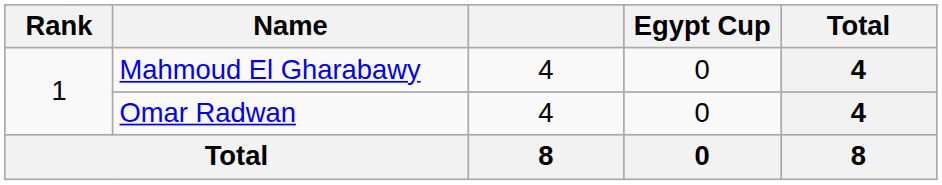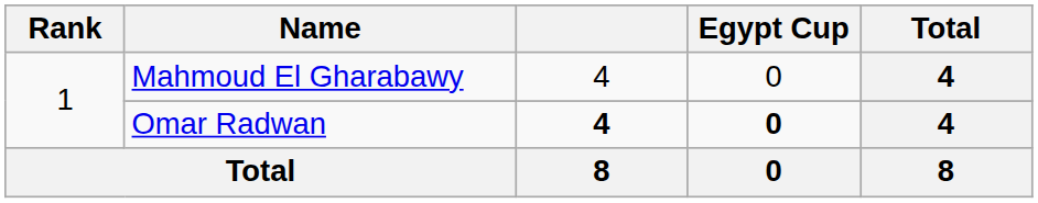 <table class=wikitable style=text-align:center;>
 <tr>
 <th style=width:56px;>Rank</th>
 <th style=width:200px;>Name</th>
 <th style=width:84px;></th>
 <th style=width:84px;>Egypt Cup</th>
 <th style=width:84px;>Total</th>
 </tr>
 <tr>
 <td rowspan=2>1</td>
 <td align=left> <a href='#'>Mahmoud El Gharabawy</a></td>
 <td>4</td>
 <td>0</td>
 <th>4</th>
 </tr>
 <tr>
 <td align=left> <a href='#'>Omar Radwan</a></td>
-<td>4</td>
-<td>0</td>
+<td><strong>4</strong></td>
+<td><strong>0</strong></td>
 <th>4</th>
 </tr>
 <tr>
 <th colspan=2>Total</th>
 <th>8</th>
 <th>0</th>
 <th>8</th>
 </tr>
 </table>
